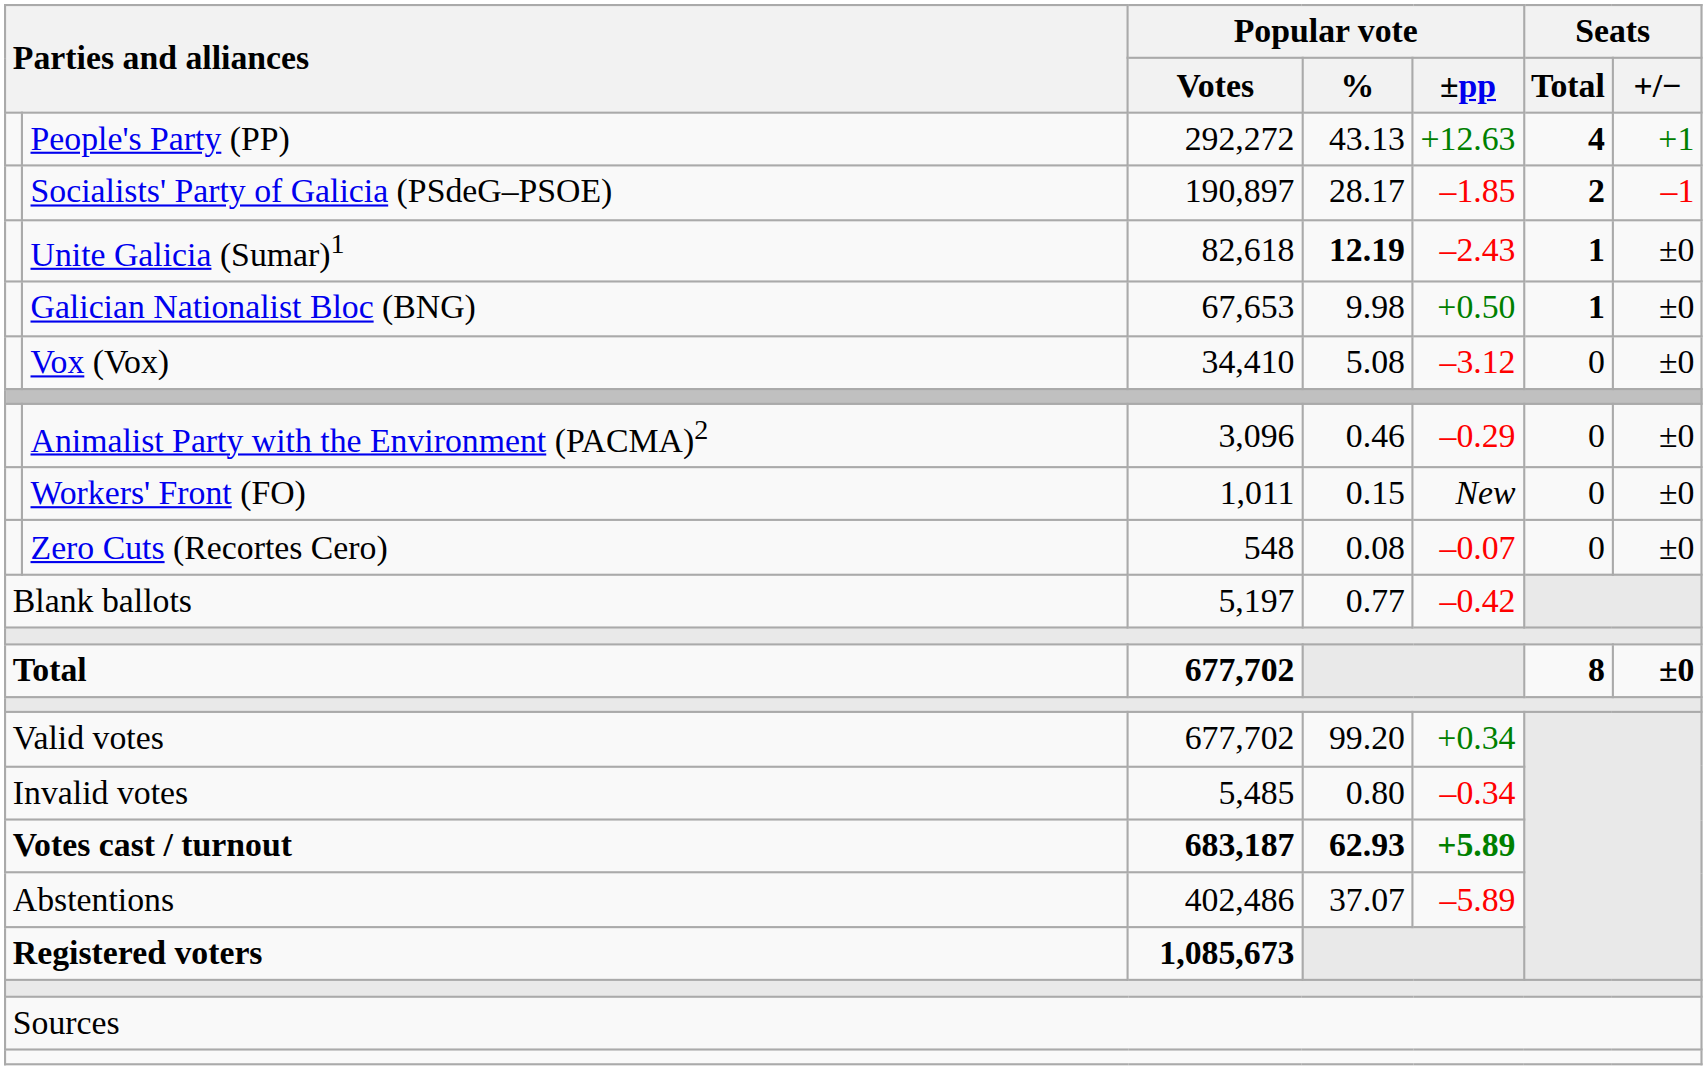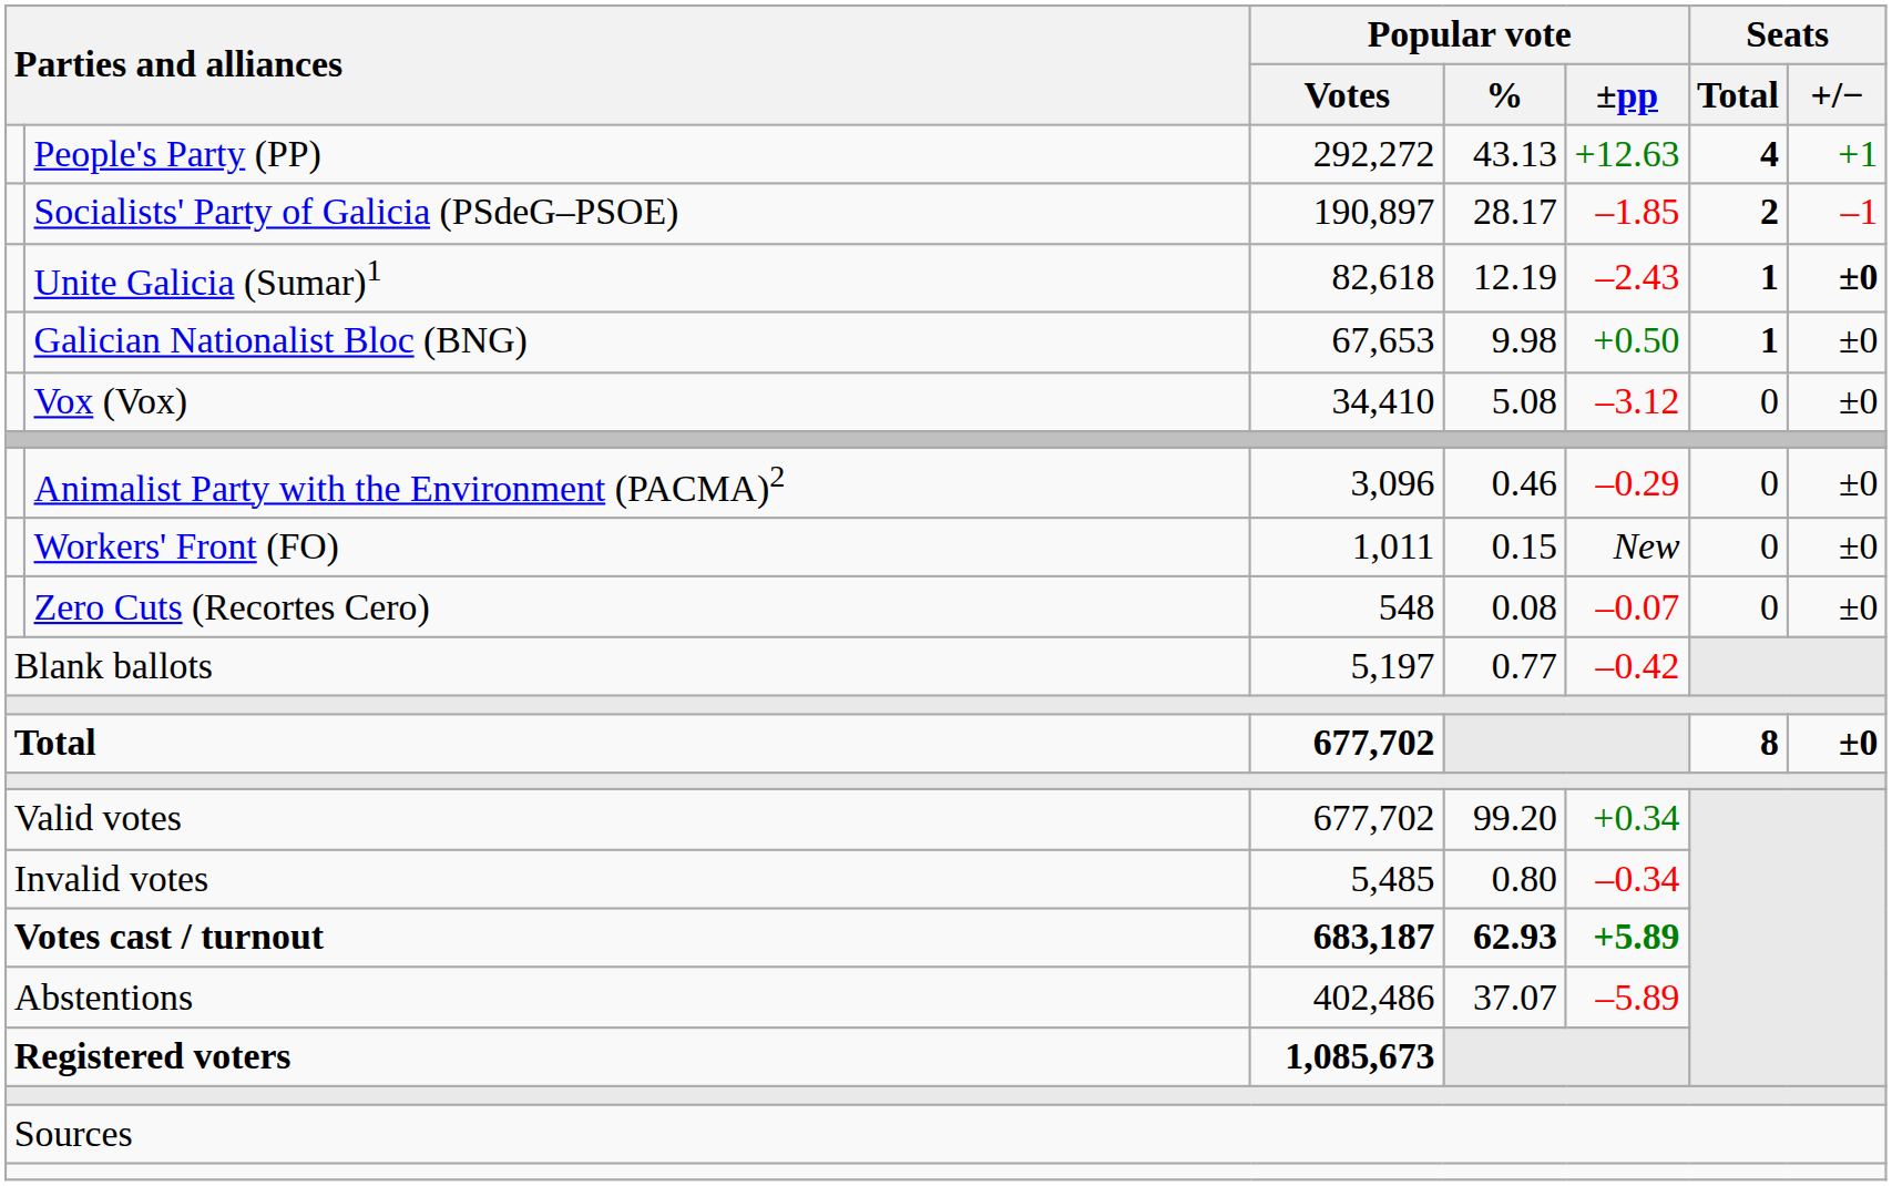 <table class="wikitable" style="text-align:right;">
 <tr>
 <th style="text-align:left;" rowspan="2" colspan="2" width="525">Parties and alliances</th>
 <th colspan="3">Popular vote</th>
 <th colspan="2">Seats</th>
 </tr>
 <tr>
 <th width="75">Votes</th>
 <th width="45">%</th>
 <th width="45">±<a href='#'>pp</a></th>
 <th width="35">Total</th>
 <th width="35">+/−</th>
 </tr>
 <tr>
 <td width="1" style="color:inherit;background:"></td>
 <td align="left"><a href='#'>People's Party</a> (PP)</td>
 <td>292,272</td>
 <td>43.13</td>
 <td style="color:green;">+12.63</td>
 <td><strong>4</strong></td>
 <td style="color:green;">+1</td>
 </tr>
 <tr>
 <td style="color:inherit;background:"></td>
 <td align="left"><a href='#'>Socialists' Party of Galicia</a> (PSdeG–PSOE)</td>
 <td>190,897</td>
 <td>28.17</td>
 <td style="color:red;">–1.85</td>
 <td><strong>2</strong></td>
 <td style="color:red;">–1</td>
 </tr>
 <tr>
 <td style="color:inherit;background:"></td>
 <td align="left"><a href='#'>Unite Galicia</a> (Sumar)<sup>1</sup></td>
 <td>82,618</td>
-<td><strong>12.19</strong></td>
+<td>12.19</td>
 <td style="color:red;">–2.43</td>
 <td><strong>1</strong></td>
-<td>±0</td>
+<td><strong>±0</strong></td>
 </tr>
 <tr>
 <td style="color:inherit;background:"></td>
 <td align="left"><a href='#'>Galician Nationalist Bloc</a> (BNG)</td>
 <td>67,653</td>
 <td>9.98</td>
 <td style="color:green;">+0.50</td>
 <td><strong>1</strong></td>
 <td>±0</td>
 </tr>
 <tr>
 <td style="color:inherit;background:"></td>
 <td align="left"><a href='#'>Vox</a> (Vox)</td>
 <td>34,410</td>
 <td>5.08</td>
 <td style="color:red;">–3.12</td>
 <td>0</td>
 <td>±0</td>
 </tr>
 <tr>
 <td colspan="7" bgcolor="#C0C0C0"></td>
 </tr>
 <tr>
 <td style="color:inherit;background:"></td>
 <td align="left"><a href='#'>Animalist Party with the Environment</a> (PACMA)<sup>2</sup></td>
 <td>3,096</td>
 <td>0.46</td>
 <td style="color:red;">–0.29</td>
 <td>0</td>
 <td>±0</td>
 </tr>
 <tr>
 <td style="color:inherit;background:"></td>
 <td align="left"><a href='#'>Workers' Front</a> (FO)</td>
 <td>1,011</td>
 <td>0.15</td>
 <td><em>New</em></td>
 <td>0</td>
 <td>±0</td>
 </tr>
 <tr>
 <td style="color:inherit;background:"></td>
 <td align="left"><a href='#'>Zero Cuts</a> (Recortes Cero)</td>
 <td>548</td>
 <td>0.08</td>
 <td style="color:red;">–0.07</td>
 <td>0</td>
 <td>±0</td>
 </tr>
 <tr>
 <td align="left" colspan="2">Blank ballots</td>
 <td>5,197</td>
 <td>0.77</td>
 <td style="color:red;">–0.42</td>
 <td bgcolor="#E9E9E9" colspan="2"></td>
 </tr>
 <tr>
 <td colspan="7" bgcolor="#E9E9E9"></td>
 </tr>
 <tr style="font-weight:bold;">
 <td align="left" colspan="2">Total</td>
 <td>677,702</td>
 <td bgcolor="#E9E9E9" colspan="2"></td>
 <td>8</td>
 <td>±0</td>
 </tr>
 <tr>
 <td colspan="7" bgcolor="#E9E9E9"></td>
 </tr>
 <tr>
 <td align="left" colspan="2">Valid votes</td>
 <td>677,702</td>
 <td>99.20</td>
 <td style="color:green;">+0.34</td>
 <td bgcolor="#E9E9E9" colspan="2" rowspan="5"></td>
 </tr>
 <tr>
 <td align="left" colspan="2">Invalid votes</td>
 <td>5,485</td>
 <td>0.80</td>
 <td style="color:red;">–0.34</td>
 </tr>
 <tr style="font-weight:bold;">
 <td align="left" colspan="2">Votes cast / turnout</td>
 <td>683,187</td>
 <td>62.93</td>
 <td style="color:green;">+5.89</td>
 </tr>
 <tr>
 <td align="left" colspan="2">Abstentions</td>
 <td>402,486</td>
 <td>37.07</td>
 <td style="color:red;">–5.89</td>
 </tr>
 <tr style="font-weight:bold;">
 <td align="left" colspan="2">Registered voters</td>
 <td>1,085,673</td>
 <td bgcolor="#E9E9E9" colspan="2"></td>
 </tr>
 <tr>
 <td colspan="7" bgcolor="#E9E9E9"></td>
 </tr>
 <tr>
 <td align="left" colspan="7">Sources</td>
 </tr>
 <tr>
 <td colspan="7" style="text-align:left; max-width:790px;"></td>
 </tr>
 </table>
